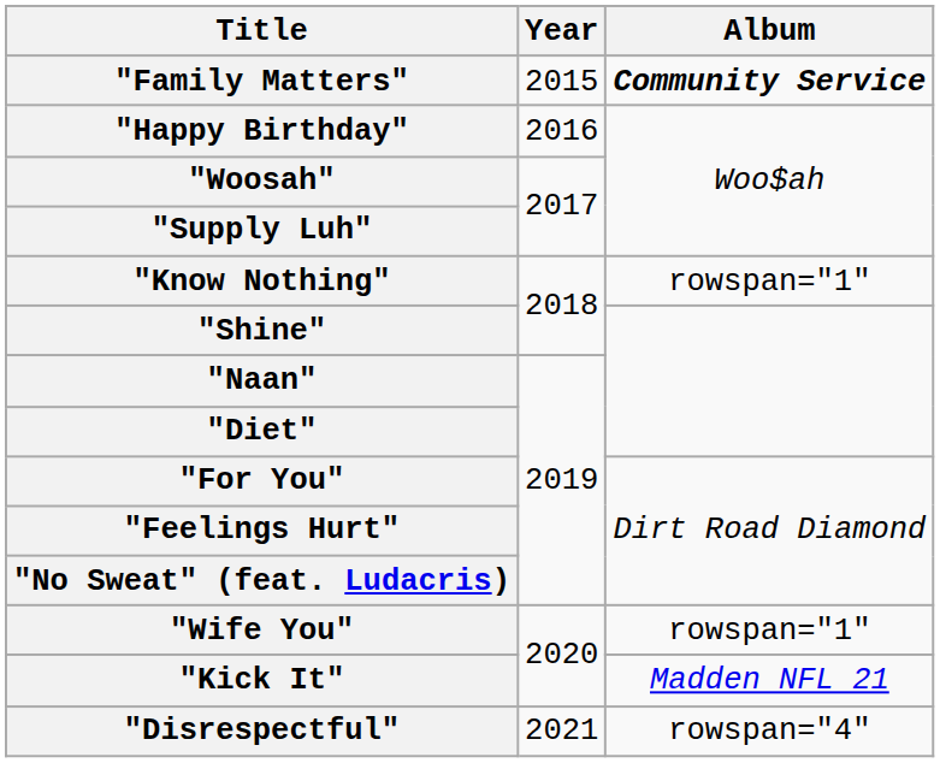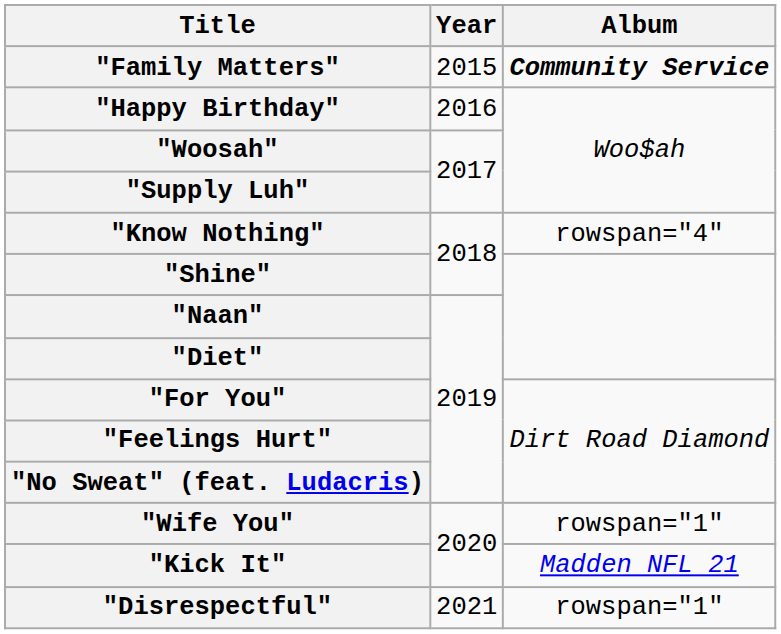 <table class="wikitable plainrowheaders" style="text-align:center;">
 <tr>
 <th scope="col">Title</th>
 <th scope="col">Year</th>
 <th scope="col">Album</th>
 </tr>
 <tr>
 <th scope="row">"Family Matters"</th>
 <td>2015</td>
 <td><strong><em>Community Service</em></strong></td>
 </tr>
 <tr>
 <th scope="row">"Happy Birthday"</th>
 <td>2016</td>
 <td rowspan="3"><em>Woo$ah</em></td>
 </tr>
 <tr>
 <th scope="row">"Woosah"</th>
 <td rowspan="2">2017</td>
 </tr>
 <tr>
 <th scope="row">"Supply Luh"</th>
 </tr>
 <tr>
 <th scope="row">"Know Nothing"</th>
 <td rowspan="2">2018</td>
-<td>rowspan="1" </td>
+<td>rowspan="4" </td>
 </tr>
 <tr>
 <th scope="row">"Shine"</th>
 </tr>
 <tr>
 <th scope="row">"Naan"</th>
 <td rowspan="5">2019</td>
 </tr>
 <tr>
 <th scope="row">"Diet"</th>
 </tr>
 <tr>
 <th scope="row">"For You"</th>
 <td rowspan="3"><em>Dirt Road Diamond</em></td>
 </tr>
 <tr>
 <th scope="row">"Feelings Hurt"</th>
 </tr>
 <tr>
 <th scope="row">"No Sweat" (feat. <a href='#'>Ludacris</a>)</th>
 </tr>
 <tr>
 <th scope="row">"Wife You"</th>
 <td rowspan="2">2020</td>
 <td>rowspan="1" </td>
 </tr>
 <tr>
 <th scope="row">"Kick It"<br></th>
 <td><em><a href='#'>Madden NFL 21</a></em></td>
 </tr>
 <tr>
 <th scope="row">"Disrespectful"</th>
 <td rowspan="7">2021</td>
-<td>rowspan="4" </td>
+<td>rowspan="1" </td>
 </tr>
 </table>
